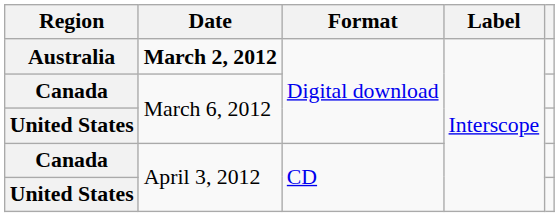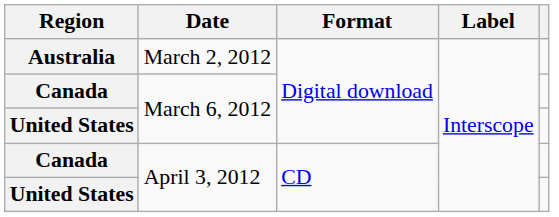 <table class="wikitable plainrowheaders">
 <tr>
 <th scope="col">Region</th>
 <th scope="col">Date</th>
 <th scope="col">Format</th>
 <th scope="col">Label</th>
 <th scope="col"></th>
 </tr>
 <tr>
 <th scope="row">Australia</th>
-<td><strong>March 2, 2012</strong></td>
+<td>March 2, 2012</td>
 <td rowspan="3"><a href='#'>Digital download</a></td>
 <td rowspan="5"><a href='#'>Interscope</a></td>
 <td align="center"></td>
 </tr>
 <tr>
 <th scope="row">Canada</th>
 <td rowspan="2">March 6, 2012</td>
 <td align="center"></td>
 </tr>
 <tr>
 <th scope="row">United States</th>
 <td align="center"></td>
 </tr>
 <tr>
 <th scope="row">Canada</th>
 <td rowspan="2">April 3, 2012</td>
 <td rowspan="2"><a href='#'>CD</a></td>
 <td align="center"></td>
 </tr>
 <tr>
 <th scope="row">United States</th>
 <td align="center"></td>
 </tr>
 </table>
